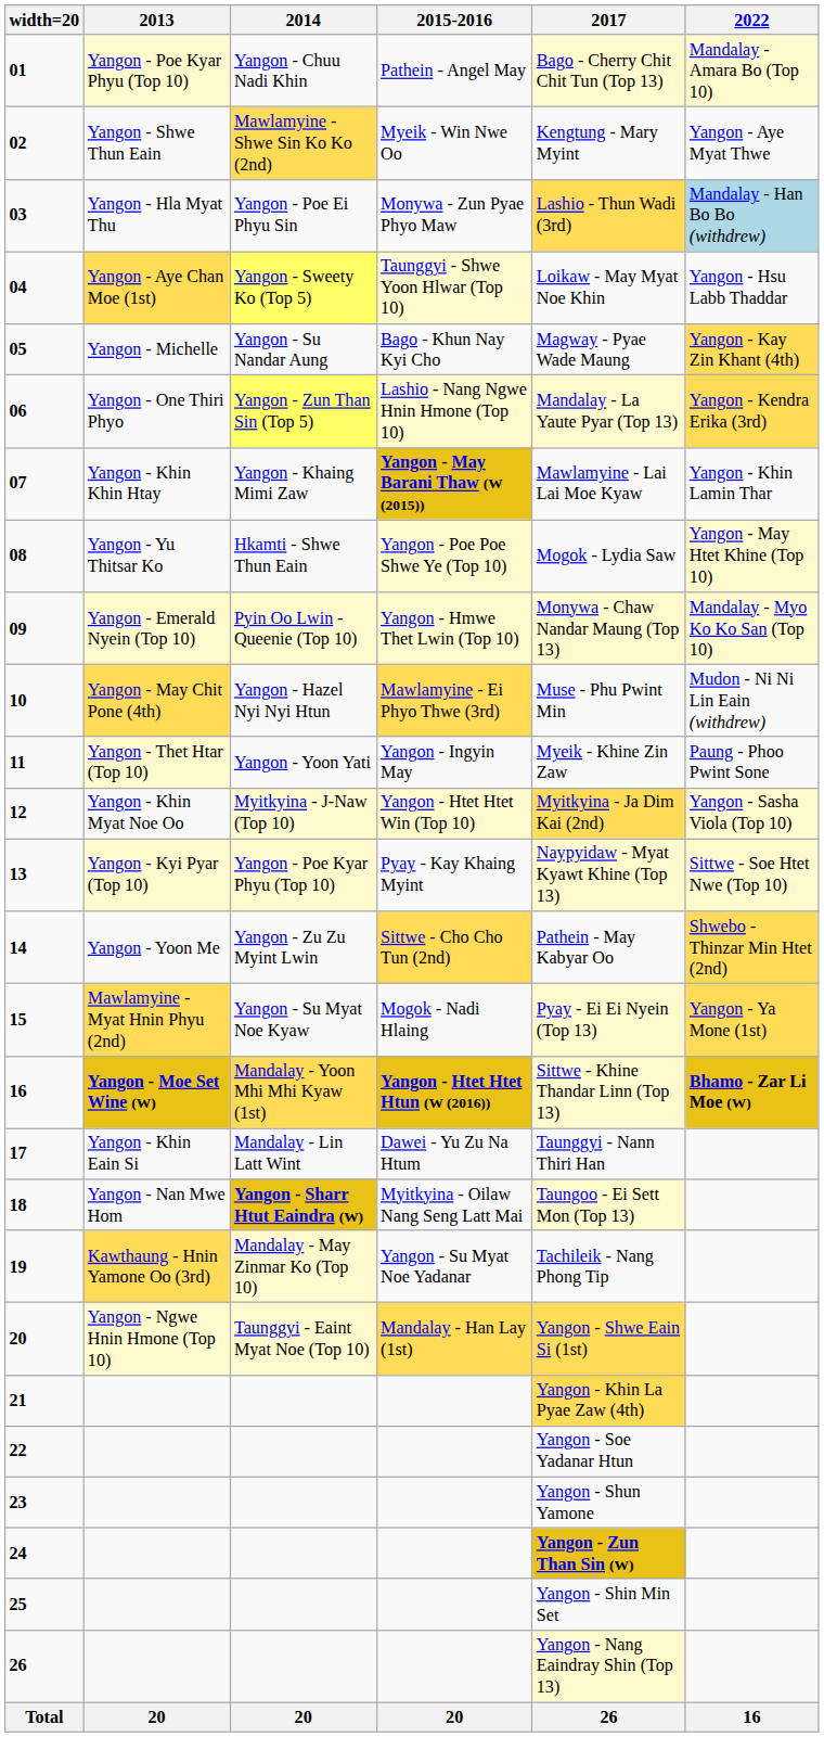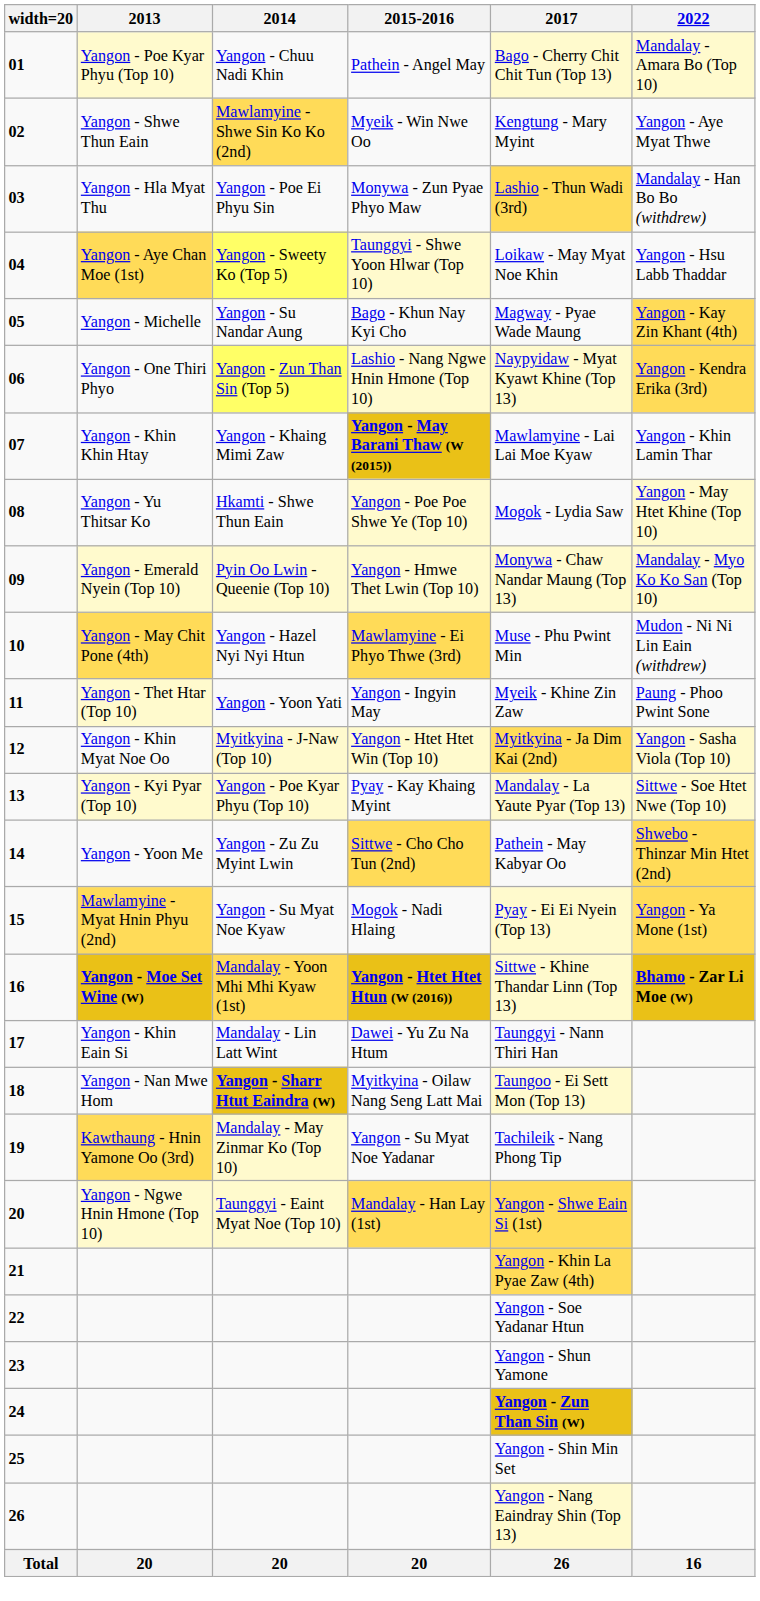 <table class="wikitable" style="font-size: 82%";>
 <tr>
 <th>width=20 </th>
 <th>2013</th>
 <th>2014</th>
 <th>2015-2016</th>
 <th>2017</th>
 <th><a href='#'>2022</a></th>
 </tr>
 <tr>
 <td><strong>01</strong></td>
 <td bgcolor="#FFFACD"> <a href='#'>Yangon</a> - Poe Kyar Phyu (Top 10)</td>
 <td> <a href='#'>Yangon</a> - Chuu Nadi Khin</td>
 <td> <a href='#'>Pathein</a> - Angel May</td>
 <td bgcolor="#FFFACD"> <a href='#'>Bago</a> - Cherry Chit Chit Tun (Top 13)</td>
 <td bgcolor="#FFFACD"> <a href='#'>Mandalay</a> - Amara Bo (Top 10)</td>
 </tr>
 <tr>
 <td><strong>02</strong></td>
 <td> <a href='#'>Yangon</a> - Shwe Thun Eain</td>
 <td bgcolor=#FFDB58> <a href='#'>Mawlamyine</a> - Shwe Sin Ko Ko (2nd)</td>
 <td> <a href='#'>Myeik</a> - Win Nwe Oo</td>
 <td> <a href='#'>Kengtung</a> - Mary Myint</td>
 <td> <a href='#'>Yangon</a> - Aye Myat Thwe</td>
 </tr>
 <tr>
 <td><strong>03</strong></td>
 <td> <a href='#'>Yangon</a> - Hla Myat Thu</td>
 <td> <a href='#'>Yangon</a> - Poe Ei Phyu Sin</td>
 <td> <a href='#'>Monywa</a> - Zun Pyae Phyo Maw</td>
 <td bgcolor=#FFDB58> <a href='#'>Lashio</a> - Thun Wadi (3rd)</td>
-<td style="background: lightblue;"> <a href='#'>Mandalay</a> - Han Bo Bo <em>(withdrew)</em></td>
+<td> <a href='#'>Mandalay</a> - Han Bo Bo <em>(withdrew)</em></td>
 </tr>
 <tr>
 <td><strong>04</strong></td>
 <td bgcolor=#FFDB58> <a href='#'>Yangon</a> - Aye Chan Moe (1st)</td>
 <td bgcolor="#FFFF66"> <a href='#'>Yangon</a> - Sweety Ko (Top 5)</td>
 <td bgcolor="#FFFACD"> <a href='#'>Taunggyi</a> - Shwe Yoon Hlwar (Top 10)</td>
 <td> <a href='#'>Loikaw</a> - May Myat Noe Khin</td>
 <td> <a href='#'>Yangon</a> - Hsu Labb Thaddar</td>
 </tr>
 <tr>
 <td><strong>05</strong></td>
 <td> <a href='#'>Yangon</a> - Michelle</td>
 <td> <a href='#'>Yangon</a> - Su Nandar Aung</td>
 <td> <a href='#'>Bago</a> - Khun Nay Kyi Cho</td>
 <td> <a href='#'>Magway</a> - Pyae Wade Maung</td>
 <td bgcolor=#FFDB58> <a href='#'>Yangon</a> - Kay Zin Khant (4th)</td>
 </tr>
 <tr>
 <td><strong>06</strong></td>
 <td> <a href='#'>Yangon</a> - One Thiri Phyo</td>
 <td bgcolor="#FFFF66"> <a href='#'>Yangon</a> - <a href='#'>Zun Than Sin</a> (Top 5)</td>
 <td bgcolor="#FFFACD"> <a href='#'>Lashio</a> - Nang Ngwe Hnin Hmone (Top 10)</td>
-<td bgcolor="#FFFACD"> <a href='#'>Mandalay</a> - La Yaute Pyar (Top 13)</td>
+<td bgcolor="#FFFACD"> <a href='#'>Naypyidaw</a> - Myat Kyawt Khine (Top 13)</td>
 <td bgcolor=#FFDB58> <a href='#'>Yangon</a> - Kendra Erika (3rd)</td>
 </tr>
 <tr>
 <td><strong>07</strong></td>
 <td> <a href='#'>Yangon</a> - Khin Khin Htay</td>
 <td> <a href='#'>Yangon</a> - Khaing Mimi Zaw</td>
 <td bgcolor="#EAC117"><strong> <a href='#'>Yangon</a> - <a href='#'>May Barani Thaw</a> <small>(W (2015))</small></strong></td>
 <td> <a href='#'>Mawlamyine</a> - Lai Lai Moe Kyaw</td>
 <td> <a href='#'>Yangon</a> - Khin Lamin Thar</td>
 </tr>
 <tr>
 <td><strong>08</strong></td>
 <td> <a href='#'>Yangon</a> - Yu Thitsar Ko</td>
 <td> <a href='#'>Hkamti</a> - Shwe Thun Eain</td>
 <td bgcolor="#FFFACD"> <a href='#'>Yangon</a> - Poe Poe Shwe Ye (Top 10)</td>
 <td> <a href='#'>Mogok</a> - Lydia Saw</td>
 <td bgcolor="#FFFACD"> <a href='#'>Yangon</a> - May Htet Khine (Top 10)</td>
 </tr>
 <tr>
 <td><strong>09</strong></td>
 <td bgcolor="#FFFACD"> <a href='#'>Yangon</a> - Emerald Nyein (Top 10)</td>
 <td bgcolor="#FFFACD"> <a href='#'>Pyin Oo Lwin</a> - Queenie (Top 10)</td>
 <td bgcolor="#FFFACD"> <a href='#'>Yangon</a> - Hmwe Thet Lwin (Top 10)</td>
 <td bgcolor="#FFFACD"> <a href='#'>Monywa</a> - Chaw Nandar Maung (Top 13)</td>
 <td bgcolor="#FFFACD"> <a href='#'>Mandalay</a> - <a href='#'>Myo Ko Ko San</a> (Top 10)</td>
 </tr>
 <tr>
 <td><strong>10</strong></td>
 <td bgcolor=#FFDB58> <a href='#'>Yangon</a> - May Chit Pone (4th)</td>
 <td> <a href='#'>Yangon</a> - Hazel Nyi Nyi Htun</td>
 <td bgcolor=#FFDB58> <a href='#'>Mawlamyine</a> - Ei Phyo Thwe (3rd)</td>
 <td> <a href='#'>Muse</a> - Phu Pwint Min</td>
 <td> <a href='#'>Mudon</a> - Ni Ni Lin Eain <em>(withdrew)</em></td>
 </tr>
 <tr>
 <td><strong>11</strong></td>
 <td bgcolor="#FFFACD"> <a href='#'>Yangon</a> - Thet Htar (Top 10)</td>
 <td> <a href='#'>Yangon</a> - Yoon Yati</td>
 <td> <a href='#'>Yangon</a> - Ingyin May</td>
 <td> <a href='#'>Myeik</a> - Khine Zin Zaw</td>
 <td> <a href='#'>Paung</a> - Phoo Pwint Sone</td>
 </tr>
 <tr>
 <td><strong>12</strong></td>
 <td> <a href='#'>Yangon</a> - Khin Myat Noe Oo</td>
 <td bgcolor="#FFFACD"> <a href='#'>Myitkyina</a> - J-Naw (Top 10)</td>
 <td bgcolor="#FFFACD"> <a href='#'>Yangon</a> - Htet Htet Win (Top 10)</td>
 <td bgcolor=#FFDB58> <a href='#'>Myitkyina</a> - Ja Dim Kai (2nd)</td>
 <td bgcolor="#FFFACD"> <a href='#'>Yangon</a> - Sasha Viola (Top 10)</td>
 </tr>
 <tr>
 <td><strong>13</strong></td>
 <td bgcolor="#FFFACD"> <a href='#'>Yangon</a> - Kyi Pyar (Top 10)</td>
 <td bgcolor="#FFFACD"> <a href='#'>Yangon</a> - Poe Kyar Phyu (Top 10)</td>
 <td> <a href='#'>Pyay</a> - Kay Khaing Myint</td>
-<td bgcolor="#FFFACD"> <a href='#'>Naypyidaw</a> - Myat Kyawt Khine (Top 13)</td>
+<td bgcolor="#FFFACD"> <a href='#'>Mandalay</a> - La Yaute Pyar (Top 13)</td>
 <td bgcolor="#FFFACD"> <a href='#'>Sittwe</a> - Soe Htet Nwe (Top 10)</td>
 </tr>
 <tr>
 <td><strong>14</strong></td>
 <td> <a href='#'>Yangon</a> - Yoon Me</td>
 <td> <a href='#'>Yangon</a> - Zu Zu Myint Lwin</td>
 <td bgcolor=#FFDB58> <a href='#'>Sittwe</a> - Cho Cho Tun (2nd)</td>
 <td> <a href='#'>Pathein</a> - May Kabyar Oo</td>
 <td bgcolor=#FFDB58> <a href='#'>Shwebo</a> - Thinzar Min Htet (2nd)</td>
 </tr>
 <tr>
 <td><strong>15</strong></td>
 <td bgcolor=#FFDB58> <a href='#'>Mawlamyine</a> - Myat Hnin Phyu (2nd)</td>
 <td> <a href='#'>Yangon</a> - Su Myat Noe Kyaw</td>
 <td> <a href='#'>Mogok</a> - Nadi Hlaing</td>
 <td bgcolor="#FFFACD"> <a href='#'>Pyay</a> - Ei Ei Nyein (Top 13)</td>
 <td bgcolor=#FFDB58> <a href='#'>Yangon</a> - Ya Mone (1st)</td>
 </tr>
 <tr>
 <td><strong>16</strong></td>
 <td bgcolor="#EAC117"><strong> <a href='#'>Yangon</a> - <a href='#'>Moe Set Wine</a> <small>(W)</small></strong></td>
 <td bgcolor=#FFDB58> <a href='#'>Mandalay</a> - Yoon Mhi Mhi Kyaw (1st)</td>
 <td bgcolor="#EAC117"><strong> <a href='#'>Yangon</a> - <a href='#'>Htet Htet Htun</a> <small>(W (2016))</small></strong></td>
 <td bgcolor="#FFFACD"> <a href='#'>Sittwe</a> - Khine Thandar Linn (Top 13)</td>
 <td bgcolor="#EAC117"><strong>  <a href='#'>Bhamo</a> - Zar Li Moe <small>(W)</small></strong></td>
 </tr>
 <tr>
 <td><strong>17</strong></td>
 <td> <a href='#'>Yangon</a> - Khin Eain Si</td>
 <td> <a href='#'>Mandalay</a> - Lin Latt Wint</td>
 <td> <a href='#'>Dawei</a> - Yu Zu Na Htum</td>
 <td> <a href='#'>Taunggyi</a> - Nann Thiri Han</td>
 <td></td>
 </tr>
 <tr>
 <td><strong>18</strong></td>
 <td> <a href='#'>Yangon</a> - Nan Mwe Hom</td>
 <td bgcolor="#EAC117"><strong> <a href='#'>Yangon</a> - <a href='#'>Sharr Htut Eaindra</a> <small>(W)</small></strong></td>
 <td> <a href='#'>Myitkyina</a> - Oilaw Nang Seng Latt Mai</td>
 <td bgcolor="#FFFACD"> <a href='#'>Taungoo</a> - Ei Sett Mon (Top 13)</td>
 <td></td>
 </tr>
 <tr>
 <td><strong>19</strong></td>
 <td bgcolor=#FFDB58> <a href='#'>Kawthaung</a> - Hnin Yamone Oo (3rd)</td>
 <td bgcolor="#FFFACD"> <a href='#'>Mandalay</a> - May Zinmar Ko (Top 10)</td>
 <td> <a href='#'>Yangon</a> - Su Myat Noe Yadanar</td>
 <td> <a href='#'>Tachileik</a> - Nang Phong Tip</td>
 <td></td>
 </tr>
 <tr>
 <td><strong>20</strong></td>
 <td bgcolor="#FFFACD"> <a href='#'>Yangon</a> - Ngwe Hnin Hmone (Top 10)</td>
 <td bgcolor="#FFFACD"> <a href='#'>Taunggyi</a> - Eaint Myat Noe (Top 10)</td>
 <td bgcolor=#FFDB58> <a href='#'>Mandalay</a> - Han Lay (1st)</td>
 <td bgcolor=#FFDB58> <a href='#'>Yangon</a> - <a href='#'>Shwe Eain Si</a> (1st)</td>
 <td></td>
 </tr>
 <tr>
 <td><strong>21</strong></td>
 <td></td>
 <td></td>
 <td></td>
 <td bgcolor=#FFDB58> <a href='#'>Yangon</a> - Khin La Pyae Zaw (4th)</td>
 <td></td>
 </tr>
 <tr>
 <td><strong>22</strong></td>
 <td></td>
 <td></td>
 <td></td>
 <td> <a href='#'>Yangon</a> - Soe Yadanar Htun</td>
 <td></td>
 </tr>
 <tr>
 <td><strong>23</strong></td>
 <td></td>
 <td></td>
 <td></td>
 <td> <a href='#'>Yangon</a> - Shun Yamone</td>
 <td></td>
 </tr>
 <tr>
 <td><strong>24</strong></td>
 <td></td>
 <td></td>
 <td></td>
 <td bgcolor="#EAC117"><strong> <a href='#'>Yangon</a> - <a href='#'>Zun Than Sin</a> <small>(W)</small></strong></td>
 <td></td>
 </tr>
 <tr>
 <td><strong>25</strong></td>
 <td></td>
 <td></td>
 <td></td>
 <td> <a href='#'>Yangon</a> - Shin Min Set</td>
 <td></td>
 </tr>
 <tr>
 <td><strong>26</strong></td>
 <td></td>
 <td></td>
 <td></td>
 <td bgcolor="#FFFACD"> <a href='#'>Yangon</a> - Nang Eaindray Shin (Top 13)</td>
 <td></td>
 </tr>
 <tr>
 <th>Total</th>
 <th>20</th>
 <th>20</th>
 <th>20</th>
 <th>26</th>
 <th>16</th>
 </tr>
 </table>
